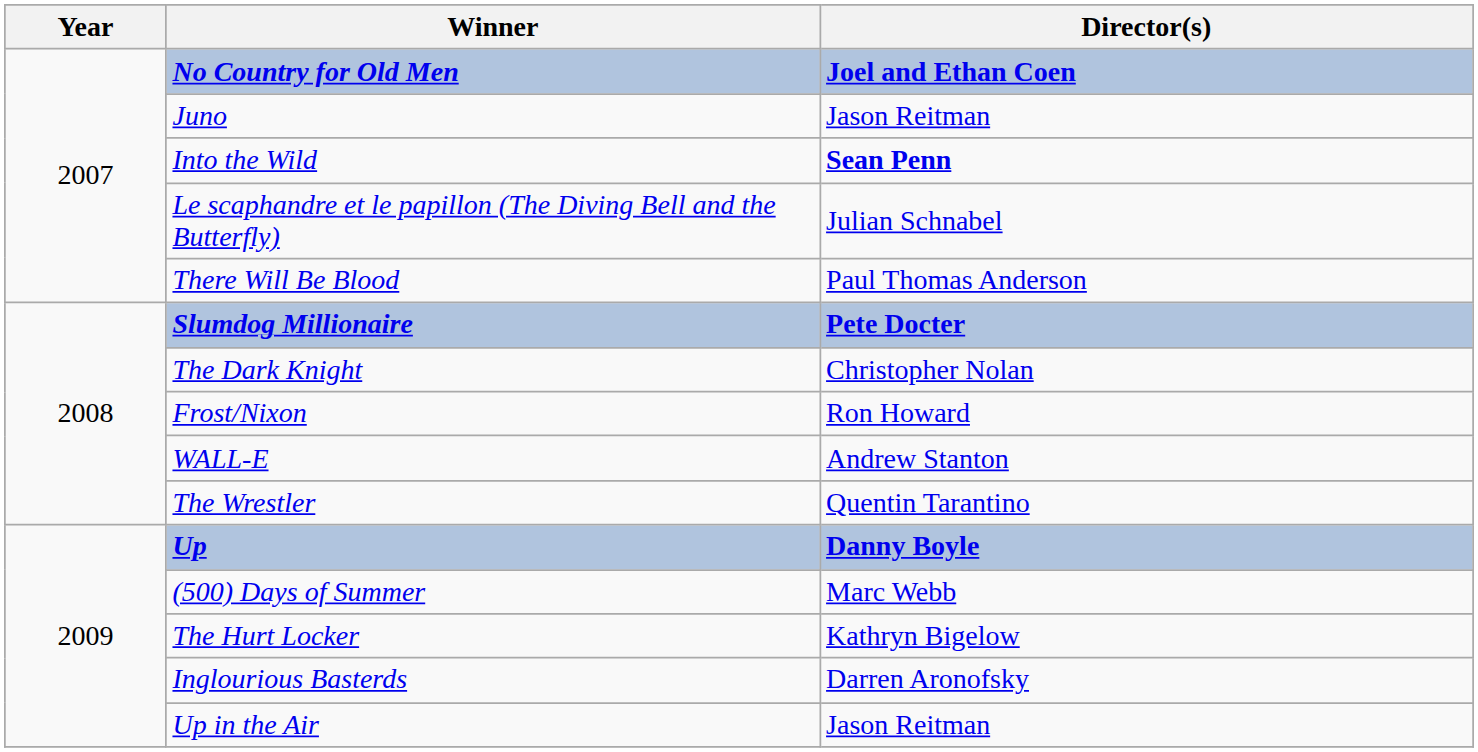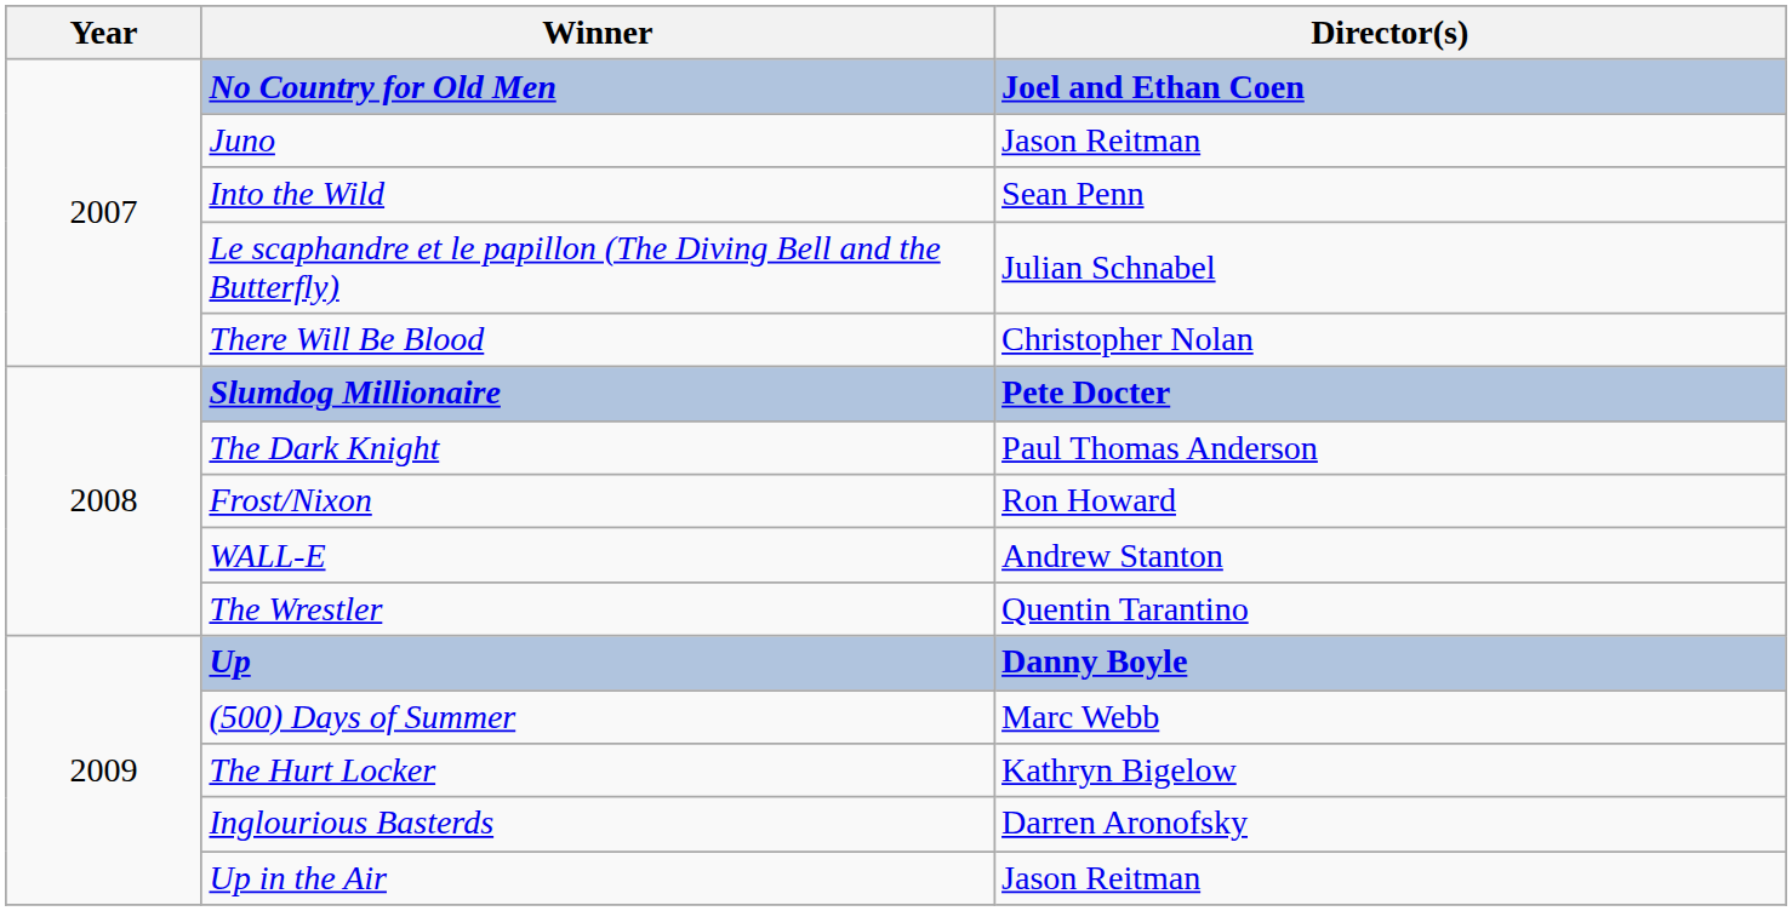 <table class="wikitable" width="95%" cellpadding="5">
 <tr>
 <th width="100"><strong>Year</strong></th>
 <th width="450"><strong>Winner</strong></th>
 <th width="450"><strong>Director(s)</strong></th>
 </tr>
 <tr>
 <td rowspan="5" style="text-align:center;">2007</td>
 <td style="background:#B0C4DE;"><strong><em><a href='#'>No Country for Old Men</a></em></strong></td>
 <td style="background:#B0C4DE;"><strong><a href='#'>Joel and Ethan Coen</a></strong></td>
 </tr>
 <tr>
 <td><em><a href='#'>Juno</a></em></td>
 <td><a href='#'>Jason Reitman</a></td>
 </tr>
 <tr>
 <td><em><a href='#'>Into the Wild</a></em></td>
-<td><strong><a href='#'>Sean Penn</a></strong></td>
+<td><a href='#'>Sean Penn</a></td>
 </tr>
 <tr>
 <td><em><a href='#'>Le scaphandre et le papillon (The Diving Bell and the Butterfly)</a></em></td>
 <td><a href='#'>Julian Schnabel</a></td>
 </tr>
 <tr>
 <td><em><a href='#'>There Will Be Blood</a></em></td>
-<td><a href='#'>Paul Thomas Anderson</a></td>
+<td><a href='#'>Christopher Nolan</a></td>
 </tr>
 <tr>
 <td rowspan="5" style="text-align:center;">2008</td>
 <td style="background:#B0C4DE;"><strong><em><a href='#'>Slumdog Millionaire</a></em></strong></td>
 <td style="background:#B0C4DE;"><strong><a href='#'>Pete Docter</a></strong></td>
 </tr>
 <tr>
 <td><em><a href='#'>The Dark Knight</a></em></td>
-<td><a href='#'>Christopher Nolan</a></td>
+<td><a href='#'>Paul Thomas Anderson</a></td>
 </tr>
 <tr>
 <td><em><a href='#'>Frost/Nixon</a></em></td>
 <td><a href='#'>Ron Howard</a></td>
 </tr>
 <tr>
 <td><em><a href='#'>WALL-E</a></em></td>
 <td><a href='#'>Andrew Stanton</a></td>
 </tr>
 <tr>
 <td><em><a href='#'>The Wrestler</a></em></td>
 <td><a href='#'>Quentin Tarantino</a></td>
 </tr>
 <tr>
 <td rowspan="5" style="text-align:center;">2009</td>
 <td style="background:#B0C4DE;"><strong><em><a href='#'>Up</a></em></strong></td>
 <td style="background:#B0C4DE;"><strong><a href='#'>Danny Boyle</a></strong></td>
 </tr>
 <tr>
 <td><em><a href='#'>(500) Days of Summer</a></em></td>
 <td><a href='#'>Marc Webb</a></td>
 </tr>
 <tr>
 <td><em><a href='#'>The Hurt Locker</a></em></td>
 <td><a href='#'>Kathryn Bigelow</a></td>
 </tr>
 <tr>
 <td><em><a href='#'>Inglourious Basterds</a></em></td>
 <td><a href='#'>Darren Aronofsky</a></td>
 </tr>
 <tr>
 <td><em><a href='#'>Up in the Air</a></em></td>
 <td><a href='#'>Jason Reitman</a></td>
 </tr>
 </table>
